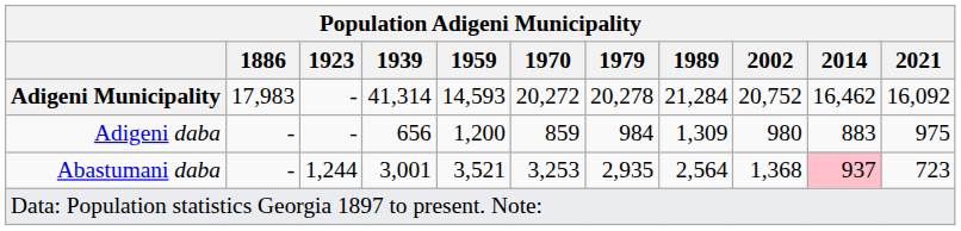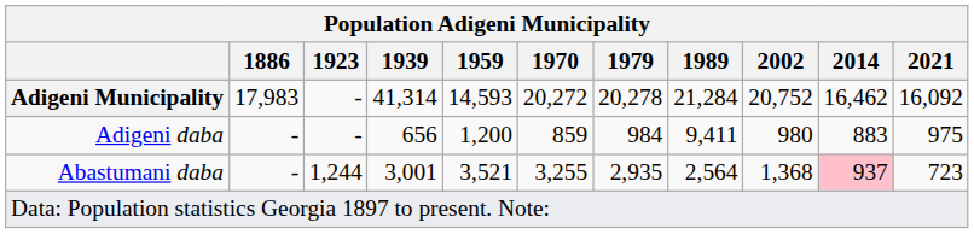 <table class="wikitable" style="text-align:right">
 <tr>
 <th colspan=19>Population Adigeni Municipality</th>
 </tr>
 <tr>
 <th></th>
 <th>1886</th>
 <th>1923</th>
 <th>1939</th>
 <th>1959</th>
 <th>1970</th>
 <th>1979</th>
 <th>1989</th>
 <th>2002</th>
 <th>2014</th>
 <th>2021</th>
 </tr>
 <tr>
 <th>Adigeni Municipality</th>
 <td>17,983</td>
 <td>-</td>
 <td> 41,314</td>
 <td> 14,593</td>
 <td> 20,272</td>
 <td> 20,278</td>
 <td> 21,284</td>
 <td> 20,752</td>
 <td> 16,462</td>
 <td> 16,092</td>
 </tr>
 <tr>
 <td><a href='#'>Adigeni</a> <em>daba</em></td>
 <td>-</td>
 <td>-</td>
 <td>656</td>
 <td> 1,200</td>
 <td> 859</td>
 <td> 984</td>
-<td> 1,309</td>
+<td> 9,411</td>
 <td> 980</td>
 <td> 883</td>
 <td> 975</td>
 </tr>
 <tr>
 <td><a href='#'>Abastumani</a> <em>daba</em></td>
 <td>-</td>
 <td>1,244</td>
 <td> 3,001</td>
 <td> 3,521</td>
-<td> 3,253</td>
+<td> 3,255</td>
 <td> 2,935</td>
 <td> 2,564</td>
 <td> 1,368</td>
 <td style="background: pink;"> 937</td>
 <td> 723</td>
 </tr>
 <tr>
 <td colspan=15 class="wikitable" style="align:left;text-align:left;background-color:#eaecf0">Data: Population statistics Georgia 1897 to present. Note:</td>
 </tr>
 </table>
